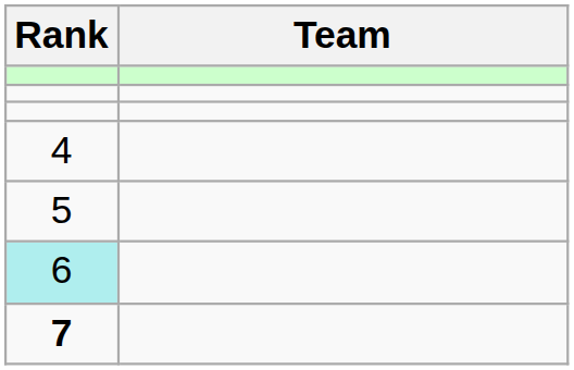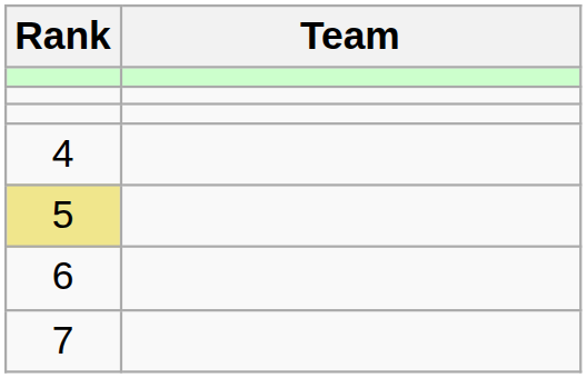 <table class=wikitable style="text-align:center;">
 <tr>
 <th>Rank</th>
 <th width=180>Team</th>
 </tr>
 <tr bgcolor=ccffcc>
 <td></td>
 <td align=left></td>
 </tr>
 <tr>
 <td></td>
 <td align=left></td>
 </tr>
 <tr>
 <td></td>
 <td align=left></td>
 </tr>
 <tr>
 <td>4</td>
 <td align=left></td>
 </tr>
 <tr>
-<td>5</td>
+<td style="background: khaki;">5</td>
 <td align=left></td>
 </tr>
 <tr>
-<td style="background: paleturquoise;">6</td>
+<td>6</td>
 <td align=left></td>
 </tr>
 <tr>
-<td><strong>7</strong></td>
+<td>7</td>
 <td align=left></td>
 </tr>
 </table>
